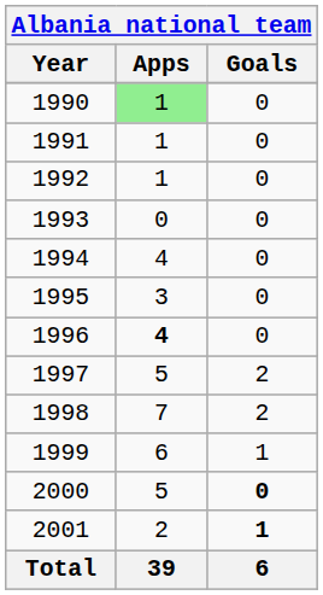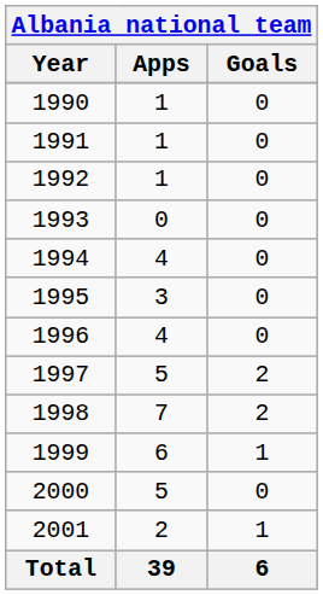 <table class="wikitable" style="text-align:center">
 <tr>
 <th colspan=3><a href='#'>Albania national team</a></th>
 </tr>
 <tr>
 <th>Year</th>
 <th>Apps</th>
 <th>Goals</th>
 </tr>
 <tr>
 </tr>
 <tr>
 <td>1990</td>
-<td style="background: lightgreen;">1</td>
+<td>1</td>
 <td>0</td>
 </tr>
 <tr>
 <td>1991</td>
 <td>1</td>
 <td>0</td>
 </tr>
 <tr>
 <td>1992</td>
 <td>1</td>
 <td>0</td>
 </tr>
 <tr>
 <td>1993</td>
 <td>0</td>
 <td>0</td>
 </tr>
 <tr>
 <td>1994</td>
 <td>4</td>
 <td>0</td>
 </tr>
 <tr>
 <td>1995</td>
 <td>3</td>
 <td>0</td>
 </tr>
 <tr>
 <td>1996</td>
-<td><strong>4</strong></td>
+<td>4</td>
 <td>0</td>
 </tr>
 <tr>
 <td>1997</td>
 <td>5</td>
 <td>2</td>
 </tr>
 <tr>
 <td>1998</td>
 <td>7</td>
 <td>2</td>
 </tr>
 <tr>
 <td>1999</td>
 <td>6</td>
 <td>1</td>
 </tr>
 <tr>
 <td>2000</td>
 <td>5</td>
-<td><strong>0</strong></td>
+<td>0</td>
 </tr>
 <tr>
 <td>2001</td>
 <td>2</td>
-<td><strong>1</strong></td>
+<td>1</td>
 </tr>
 <tr>
 <th>Total</th>
 <th>39</th>
 <th>6</th>
 </tr>
 </table>
